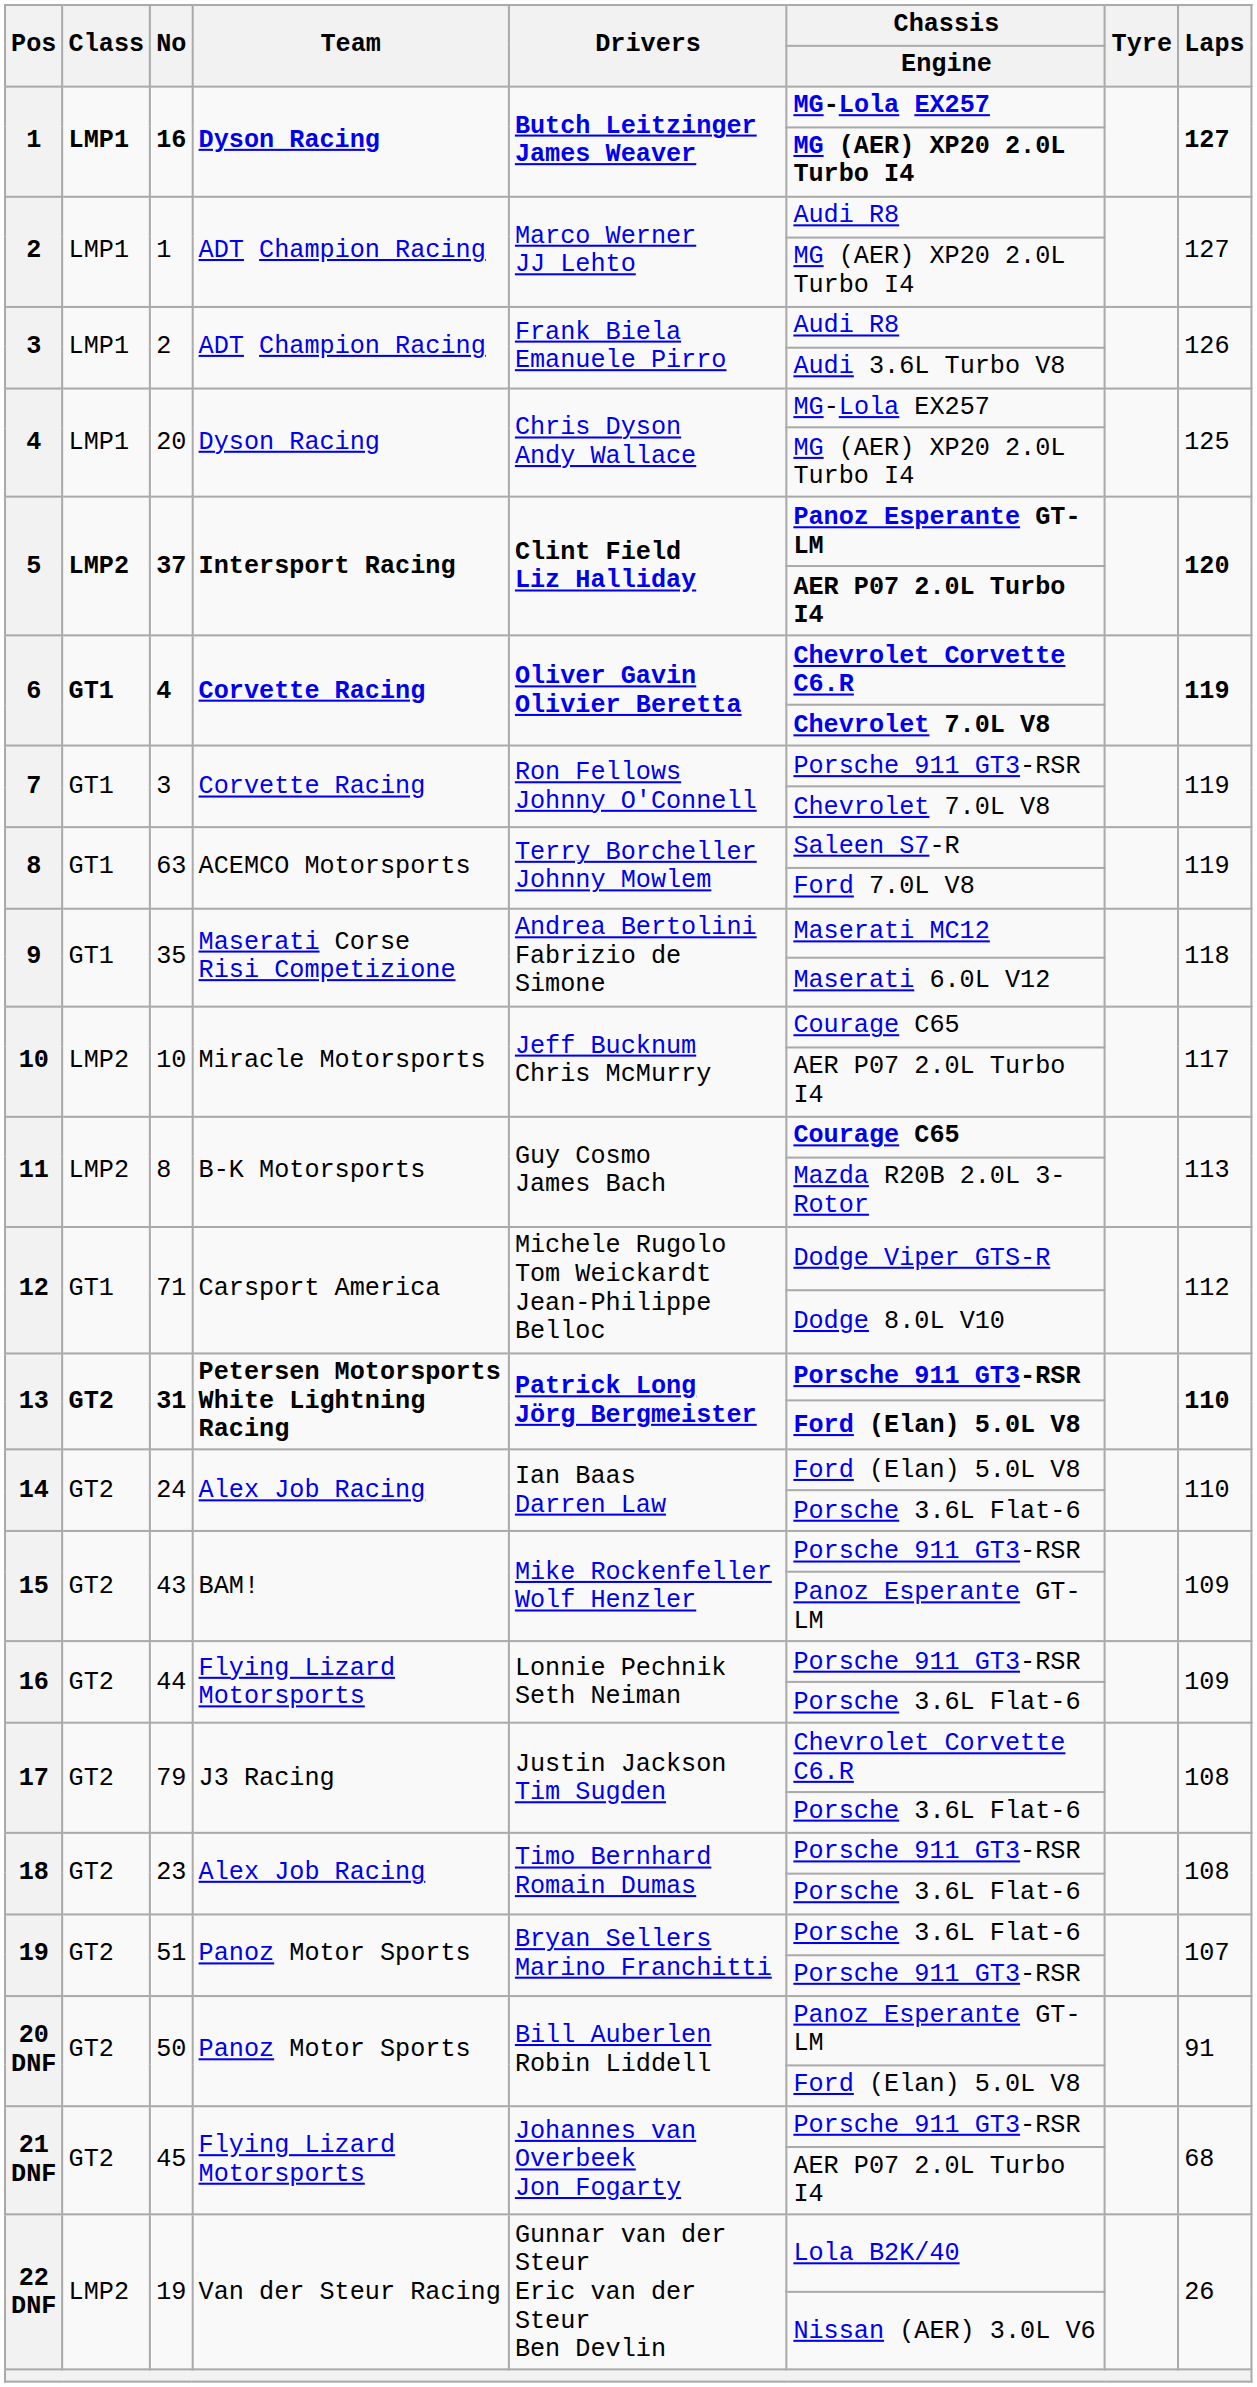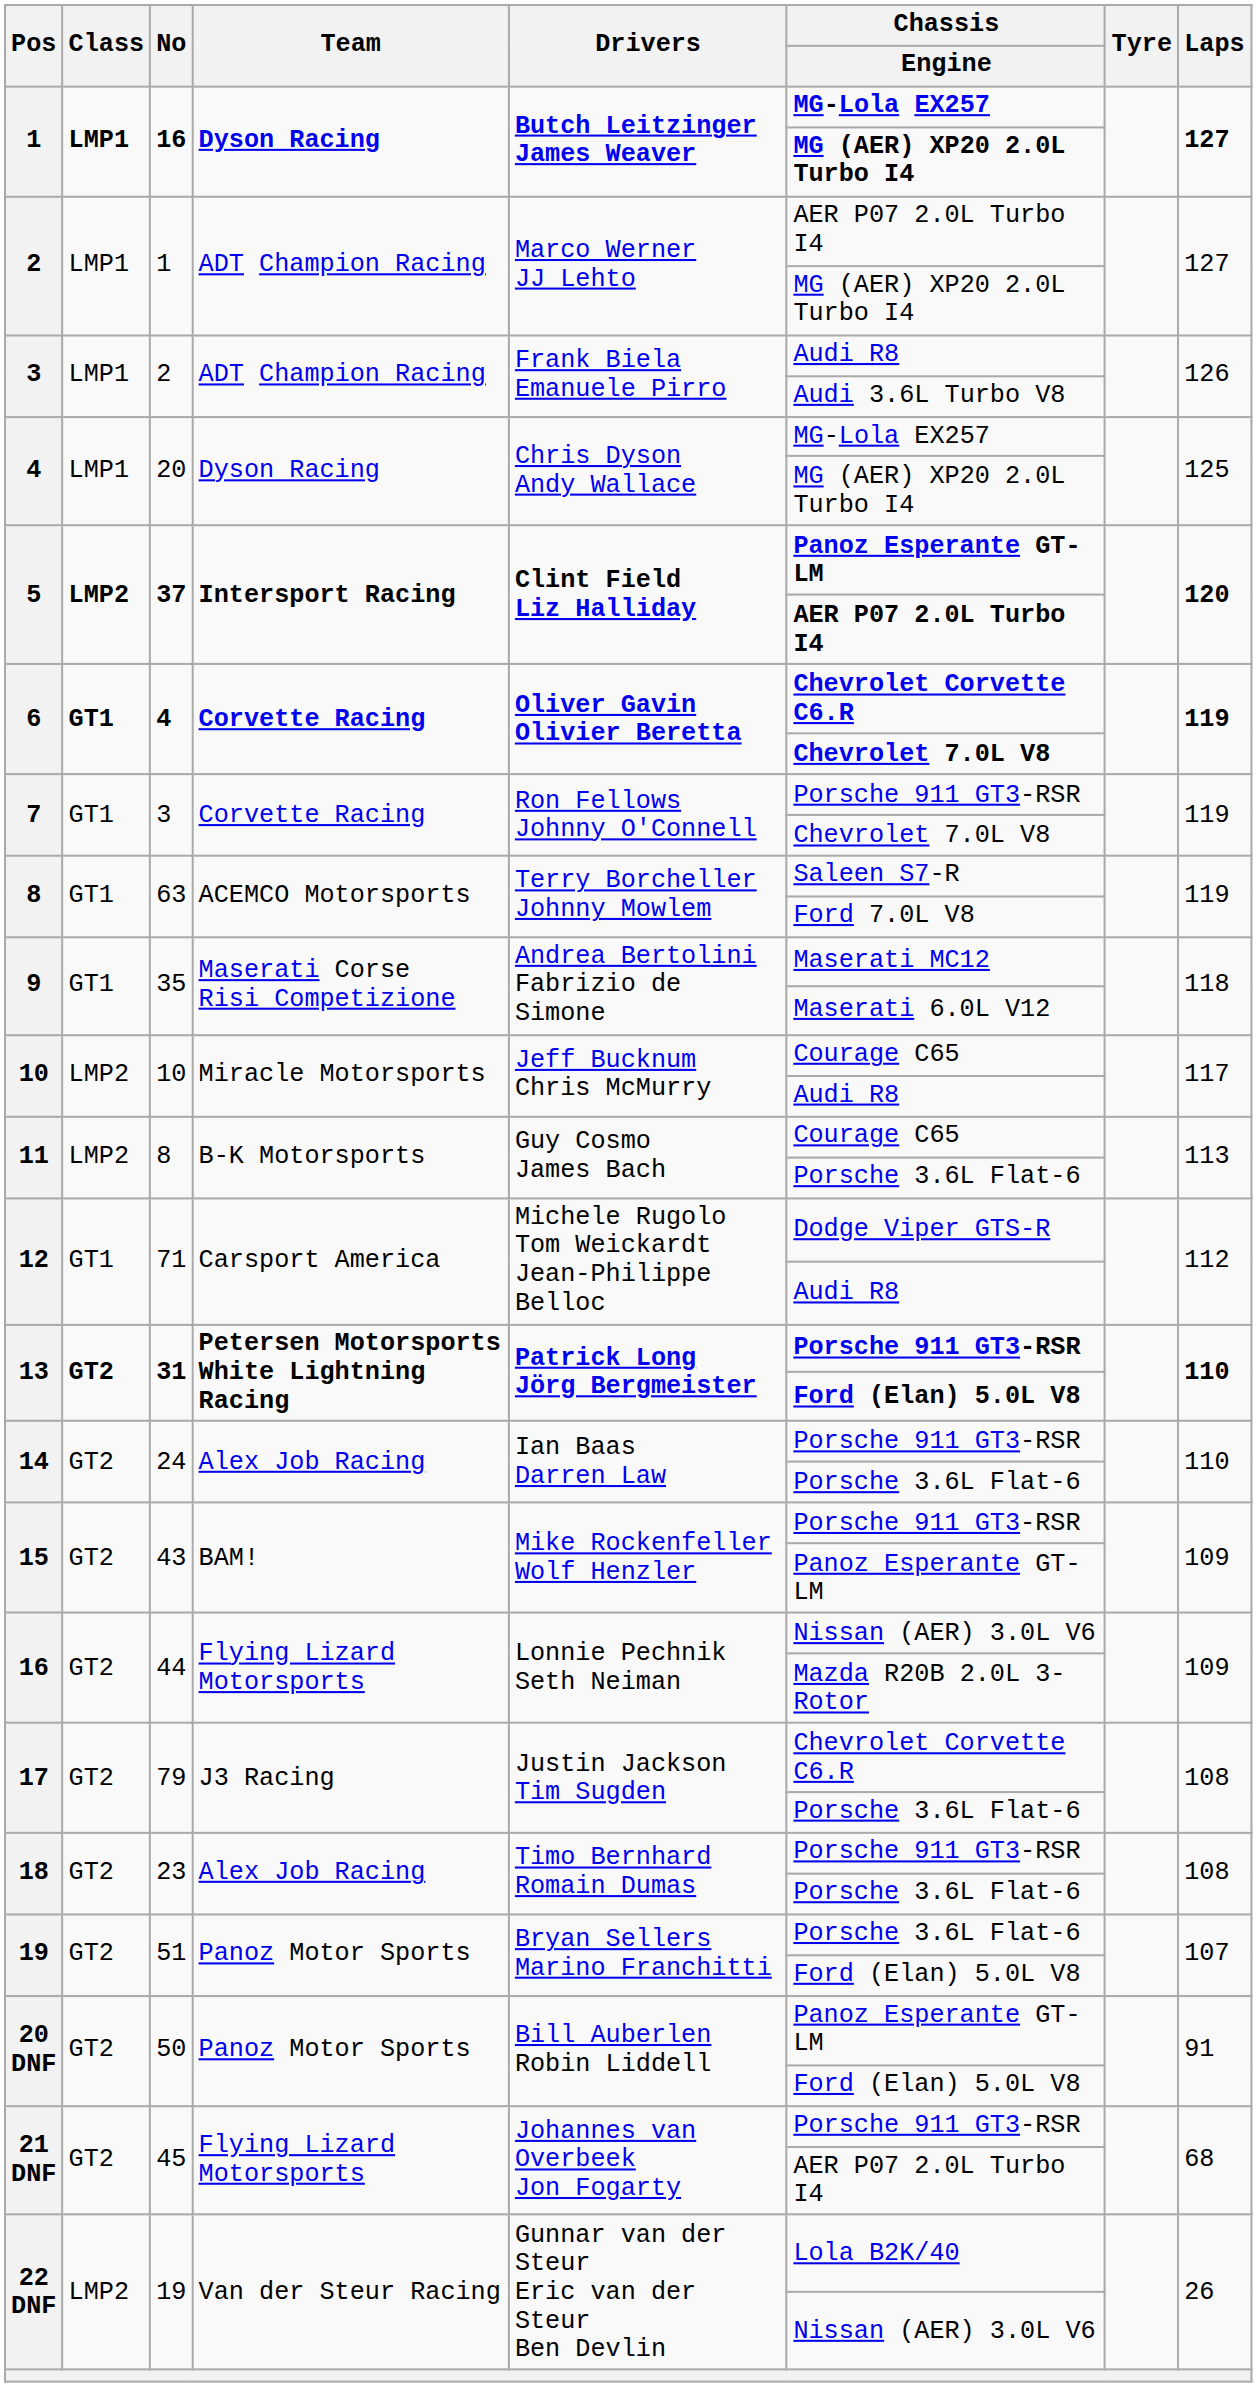 <table class="wikitable" style="font-size: 95%">
 <tr>
 <th rowspan=2>Pos</th>
 <th rowspan=2>Class</th>
 <th rowspan=2>No</th>
 <th rowspan=2>Team</th>
 <th rowspan=2>Drivers</th>
 <th>Chassis</th>
 <th rowspan=2>Tyre</th>
 <th rowspan=2>Laps</th>
 </tr>
 <tr>
 <th>Engine</th>
 </tr>
 <tr style="font-weight:bold">
 <th rowspan=2>1</th>
 <td rowspan=2>LMP1</td>
 <td rowspan=2>16</td>
 <td rowspan=2> <a href='#'>Dyson Racing</a></td>
 <td rowspan=2> <a href='#'>Butch Leitzinger</a><br> <a href='#'>James Weaver</a></td>
 <td><a href='#'>MG</a>-<a href='#'>Lola</a> <a href='#'>EX257</a></td>
 <td rowspan=2></td>
 <td rowspan=2>127</td>
 </tr>
 <tr style="font-weight:bold">
 <td><a href='#'>MG</a> (AER) XP20 2.0L Turbo I4</td>
 </tr>
 <tr>
 <th rowspan=2>2</th>
 <td rowspan=2>LMP1</td>
 <td rowspan=2>1</td>
 <td rowspan=2> <a href='#'>ADT</a> <a href='#'>Champion Racing</a></td>
 <td rowspan=2> <a href='#'>Marco Werner</a><br> <a href='#'>JJ Lehto</a></td>
-<td><a href='#'>Audi R8</a></td>
+<td>AER P07 2.0L Turbo I4</td>
 <td rowspan=2></td>
 <td rowspan=2>127</td>
 </tr>
 <tr>
 <td><a href='#'>MG</a> (AER) XP20 2.0L Turbo I4</td>
 </tr>
 <tr>
 <th rowspan=2>3</th>
 <td rowspan=2>LMP1</td>
 <td rowspan=2>2</td>
 <td rowspan=2> <a href='#'>ADT</a> <a href='#'>Champion Racing</a></td>
 <td rowspan=2> <a href='#'>Frank Biela</a><br> <a href='#'>Emanuele Pirro</a></td>
 <td><a href='#'>Audi R8</a></td>
 <td rowspan=2></td>
 <td rowspan=2>126</td>
 </tr>
 <tr>
 <td><a href='#'>Audi</a> 3.6L Turbo V8</td>
 </tr>
 <tr>
 <th rowspan=2>4</th>
 <td rowspan=2>LMP1</td>
 <td rowspan=2>20</td>
 <td rowspan=2> <a href='#'>Dyson Racing</a></td>
 <td rowspan=2> <a href='#'>Chris Dyson</a><br> <a href='#'>Andy Wallace</a></td>
 <td><a href='#'>MG</a>-<a href='#'>Lola</a> EX257</td>
 <td rowspan=2></td>
 <td rowspan=2>125</td>
 </tr>
 <tr>
 <td><a href='#'>MG</a> (AER) XP20 2.0L Turbo I4</td>
 </tr>
 <tr style="font-weight:bold">
 <th rowspan=2>5</th>
 <td rowspan=2>LMP2</td>
 <td rowspan=2>37</td>
 <td rowspan=2> Intersport Racing</td>
 <td rowspan=2> Clint Field<br> <a href='#'>Liz Halliday</a></td>
 <td><a href='#'>Panoz Esperante</a> GT-LM</td>
 <td rowspan=2></td>
 <td rowspan=2>120</td>
 </tr>
 <tr style="font-weight:bold">
 <td>AER P07 2.0L Turbo I4</td>
 </tr>
 <tr style="font-weight:bold">
 <th rowspan=2>6</th>
 <td rowspan=2>GT1</td>
 <td rowspan=2>4</td>
 <td rowspan=2> <a href='#'>Corvette Racing</a></td>
 <td rowspan=2> <a href='#'>Oliver Gavin</a><br> <a href='#'>Olivier Beretta</a></td>
 <td><a href='#'>Chevrolet Corvette C6.R</a></td>
 <td rowspan=2></td>
 <td rowspan=2>119</td>
 </tr>
 <tr style="font-weight:bold">
 <td><a href='#'>Chevrolet</a> 7.0L V8</td>
 </tr>
 <tr>
 <th rowspan=2>7</th>
 <td rowspan=2>GT1</td>
 <td rowspan=2>3</td>
 <td rowspan=2> <a href='#'>Corvette Racing</a></td>
 <td rowspan=2> <a href='#'>Ron Fellows</a><br> <a href='#'>Johnny O'Connell</a></td>
 <td><a href='#'>Porsche 911 GT3</a>-RSR</td>
 <td rowspan=2></td>
 <td rowspan=2>119</td>
 </tr>
 <tr>
 <td><a href='#'>Chevrolet</a> 7.0L V8</td>
 </tr>
 <tr>
 <th rowspan=2>8</th>
 <td rowspan=2>GT1</td>
 <td rowspan=2>63</td>
 <td rowspan=2> ACEMCO Motorsports</td>
 <td rowspan=2> <a href='#'>Terry Borcheller</a><br> <a href='#'>Johnny Mowlem</a></td>
 <td><a href='#'>Saleen S7</a>-R</td>
 <td rowspan=2></td>
 <td rowspan=2>119</td>
 </tr>
 <tr>
 <td><a href='#'>Ford</a> 7.0L V8</td>
 </tr>
 <tr>
 <th rowspan=2>9</th>
 <td rowspan=2>GT1</td>
 <td rowspan=2>35</td>
 <td rowspan=2> <a href='#'>Maserati</a> Corse<br> <a href='#'>Risi Competizione</a></td>
 <td rowspan=2> <a href='#'>Andrea Bertolini</a><br> Fabrizio de Simone</td>
 <td><a href='#'>Maserati MC12</a></td>
 <td rowspan=2></td>
 <td rowspan=2>118</td>
 </tr>
 <tr>
 <td><a href='#'>Maserati</a> 6.0L V12</td>
 </tr>
 <tr>
 <th rowspan=2>10</th>
 <td rowspan=2>LMP2</td>
 <td rowspan=2>10</td>
 <td rowspan=2> Miracle Motorsports</td>
 <td rowspan=2> <a href='#'>Jeff Bucknum</a><br> Chris McMurry</td>
 <td><a href='#'>Courage</a> C65</td>
 <td rowspan=2></td>
 <td rowspan=2>117</td>
 </tr>
 <tr>
-<td>AER P07 2.0L Turbo I4</td>
+<td><a href='#'>Audi R8</a></td>
 </tr>
 <tr>
 <th rowspan=2>11</th>
 <td rowspan=2>LMP2</td>
 <td rowspan=2>8</td>
 <td rowspan=2> B-K Motorsports</td>
 <td rowspan=2> Guy Cosmo<br> James Bach</td>
-<td><strong><a href='#'>Courage</a> C65</strong></td>
+<td><a href='#'>Courage</a> C65</td>
 <td rowspan=2></td>
 <td rowspan=2>113</td>
 </tr>
 <tr>
-<td><a href='#'>Mazda</a> R20B 2.0L 3-<a href='#'>Rotor</a></td>
+<td><a href='#'>Porsche</a> 3.6L Flat-6</td>
 </tr>
 <tr>
 <th rowspan=2>12</th>
 <td rowspan=2>GT1</td>
 <td rowspan=2>71</td>
 <td rowspan=2> Carsport America</td>
 <td rowspan=2> Michele Rugolo<br> Tom Weickardt<br> Jean-Philippe Belloc</td>
 <td><a href='#'>Dodge Viper GTS-R</a></td>
 <td rowspan=2></td>
 <td rowspan=2>112</td>
 </tr>
 <tr>
-<td><a href='#'>Dodge</a> 8.0L V10</td>
+<td><a href='#'>Audi R8</a></td>
 </tr>
 <tr style="font-weight:bold">
 <th rowspan=2>13</th>
 <td rowspan=2>GT2</td>
 <td rowspan=2>31</td>
 <td rowspan=2> Petersen Motorsports<br> White Lightning Racing</td>
 <td rowspan=2> <a href='#'>Patrick Long</a><br> <a href='#'>Jörg Bergmeister</a></td>
 <td><a href='#'>Porsche 911 GT3</a>-RSR</td>
 <td rowspan=2></td>
 <td rowspan=2>110</td>
 </tr>
 <tr style="font-weight:bold">
 <td><a href='#'>Ford</a> (Elan) 5.0L V8</td>
 </tr>
 <tr>
 <th rowspan=2>14</th>
 <td rowspan=2>GT2</td>
 <td rowspan=2>24</td>
 <td rowspan=2> <a href='#'>Alex Job Racing</a></td>
 <td rowspan=2> Ian Baas<br> <a href='#'>Darren Law</a></td>
-<td><a href='#'>Ford</a> (Elan) 5.0L V8</td>
+<td><a href='#'>Porsche 911 GT3</a>-RSR</td>
 <td rowspan=2></td>
 <td rowspan=2>110</td>
 </tr>
 <tr>
 <td><a href='#'>Porsche</a> 3.6L Flat-6</td>
 </tr>
 <tr>
 <th rowspan=2>15</th>
 <td rowspan=2>GT2</td>
 <td rowspan=2>43</td>
 <td rowspan=2> BAM!</td>
 <td rowspan=2> <a href='#'>Mike Rockenfeller</a><br> <a href='#'>Wolf Henzler</a></td>
 <td><a href='#'>Porsche 911 GT3</a>-RSR</td>
 <td rowspan=2></td>
 <td rowspan=2>109</td>
 </tr>
 <tr>
 <td><a href='#'>Panoz Esperante</a> GT-LM</td>
 </tr>
 <tr>
 <th rowspan=2>16</th>
 <td rowspan=2>GT2</td>
 <td rowspan=2>44</td>
 <td rowspan=2> <a href='#'>Flying Lizard Motorsports</a></td>
 <td rowspan=2> Lonnie Pechnik<br> Seth Neiman</td>
-<td><a href='#'>Porsche 911 GT3</a>-RSR</td>
+<td><a href='#'>Nissan</a> (AER) 3.0L V6</td>
 <td rowspan=2></td>
 <td rowspan=2>109</td>
 </tr>
 <tr>
-<td><a href='#'>Porsche</a> 3.6L Flat-6</td>
+<td><a href='#'>Mazda</a> R20B 2.0L 3-<a href='#'>Rotor</a></td>
 </tr>
 <tr>
 <th rowspan=2>17</th>
 <td rowspan=2>GT2</td>
 <td rowspan=2>79</td>
 <td rowspan=2> J3 Racing</td>
 <td rowspan=2> Justin Jackson<br> <a href='#'>Tim Sugden</a></td>
 <td><a href='#'>Chevrolet Corvette C6.R</a></td>
 <td rowspan=2></td>
 <td rowspan=2>108</td>
 </tr>
 <tr>
 <td><a href='#'>Porsche</a> 3.6L Flat-6</td>
 </tr>
 <tr>
 <th rowspan=2>18</th>
 <td rowspan=2>GT2</td>
 <td rowspan=2>23</td>
 <td rowspan=2> <a href='#'>Alex Job Racing</a></td>
 <td rowspan=2> <a href='#'>Timo Bernhard</a><br> <a href='#'>Romain Dumas</a></td>
 <td><a href='#'>Porsche 911 GT3</a>-RSR</td>
 <td rowspan=2></td>
 <td rowspan=2>108</td>
 </tr>
 <tr>
 <td><a href='#'>Porsche</a> 3.6L Flat-6</td>
 </tr>
 <tr>
 <th rowspan=2>19</th>
 <td rowspan=2>GT2</td>
 <td rowspan=2>51</td>
 <td rowspan=2> <a href='#'>Panoz</a> Motor Sports</td>
 <td rowspan=2> <a href='#'>Bryan Sellers</a><br> <a href='#'>Marino Franchitti</a></td>
 <td><a href='#'>Porsche</a> 3.6L Flat-6</td>
 <td rowspan=2></td>
 <td rowspan=2>107</td>
 </tr>
 <tr>
-<td><a href='#'>Porsche 911 GT3</a>-RSR</td>
+<td><a href='#'>Ford</a> (Elan) 5.0L V8</td>
 </tr>
 <tr>
 <th rowspan=2>20<br>DNF</th>
 <td rowspan=2>GT2</td>
 <td rowspan=2>50</td>
 <td rowspan=2> <a href='#'>Panoz</a> Motor Sports</td>
 <td rowspan=2> <a href='#'>Bill Auberlen</a><br> Robin Liddell</td>
 <td><a href='#'>Panoz Esperante</a> GT-LM</td>
 <td rowspan=2></td>
 <td rowspan=2>91</td>
 </tr>
 <tr>
 <td><a href='#'>Ford</a> (Elan) 5.0L V8</td>
 </tr>
 <tr>
 <th rowspan=2>21<br>DNF</th>
 <td rowspan=2>GT2</td>
 <td rowspan=2>45</td>
 <td rowspan=2> <a href='#'>Flying Lizard Motorsports</a></td>
 <td rowspan=2> <a href='#'>Johannes van Overbeek</a><br> <a href='#'>Jon Fogarty</a></td>
 <td><a href='#'>Porsche 911 GT3</a>-RSR</td>
 <td rowspan=2></td>
 <td rowspan=2>68</td>
 </tr>
 <tr>
 <td>AER P07 2.0L Turbo I4</td>
 </tr>
 <tr>
 <th rowspan=2>22<br>DNF</th>
 <td rowspan=2>LMP2</td>
 <td rowspan=2>19</td>
 <td rowspan=2> Van der Steur Racing</td>
 <td rowspan=2> Gunnar van der Steur<br> Eric van der Steur<br> Ben Devlin</td>
 <td><a href='#'>Lola B2K/40</a></td>
 <td rowspan=2></td>
 <td rowspan=2>26</td>
 </tr>
 <tr>
 <td><a href='#'>Nissan</a> (AER) 3.0L V6</td>
 </tr>
 <tr>
 <th colspan=8> </th>
 </tr>
 </table>
